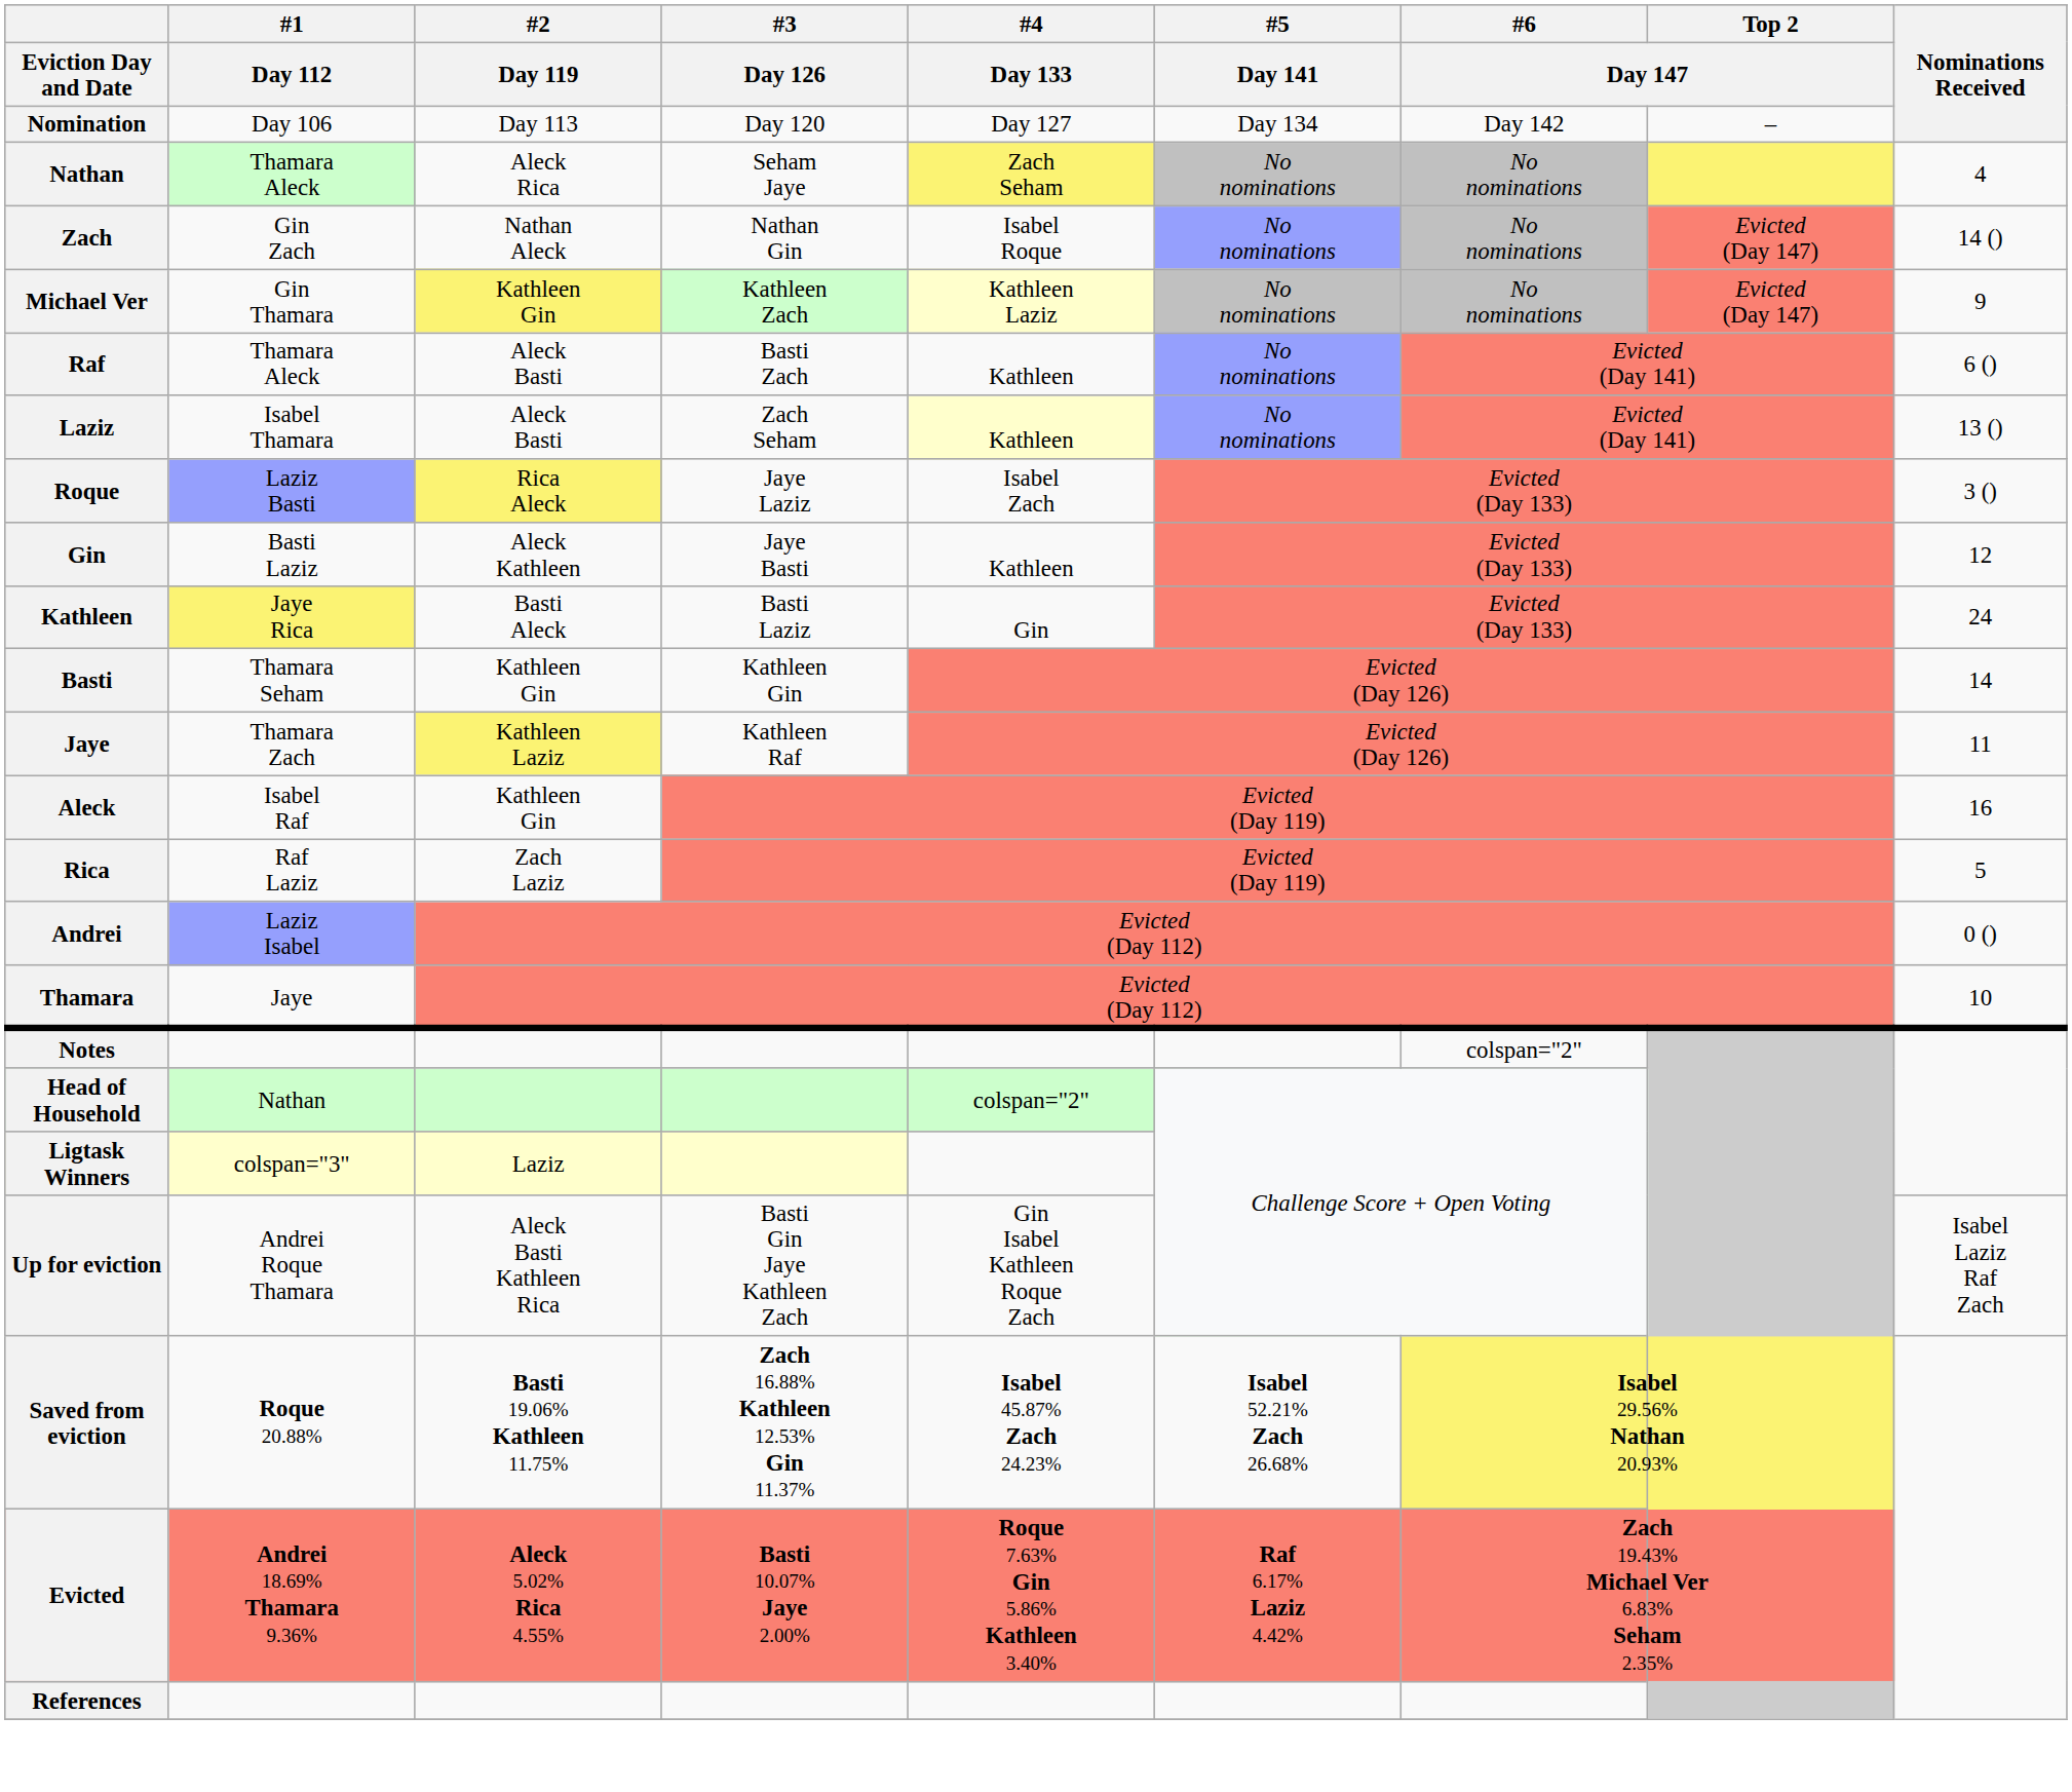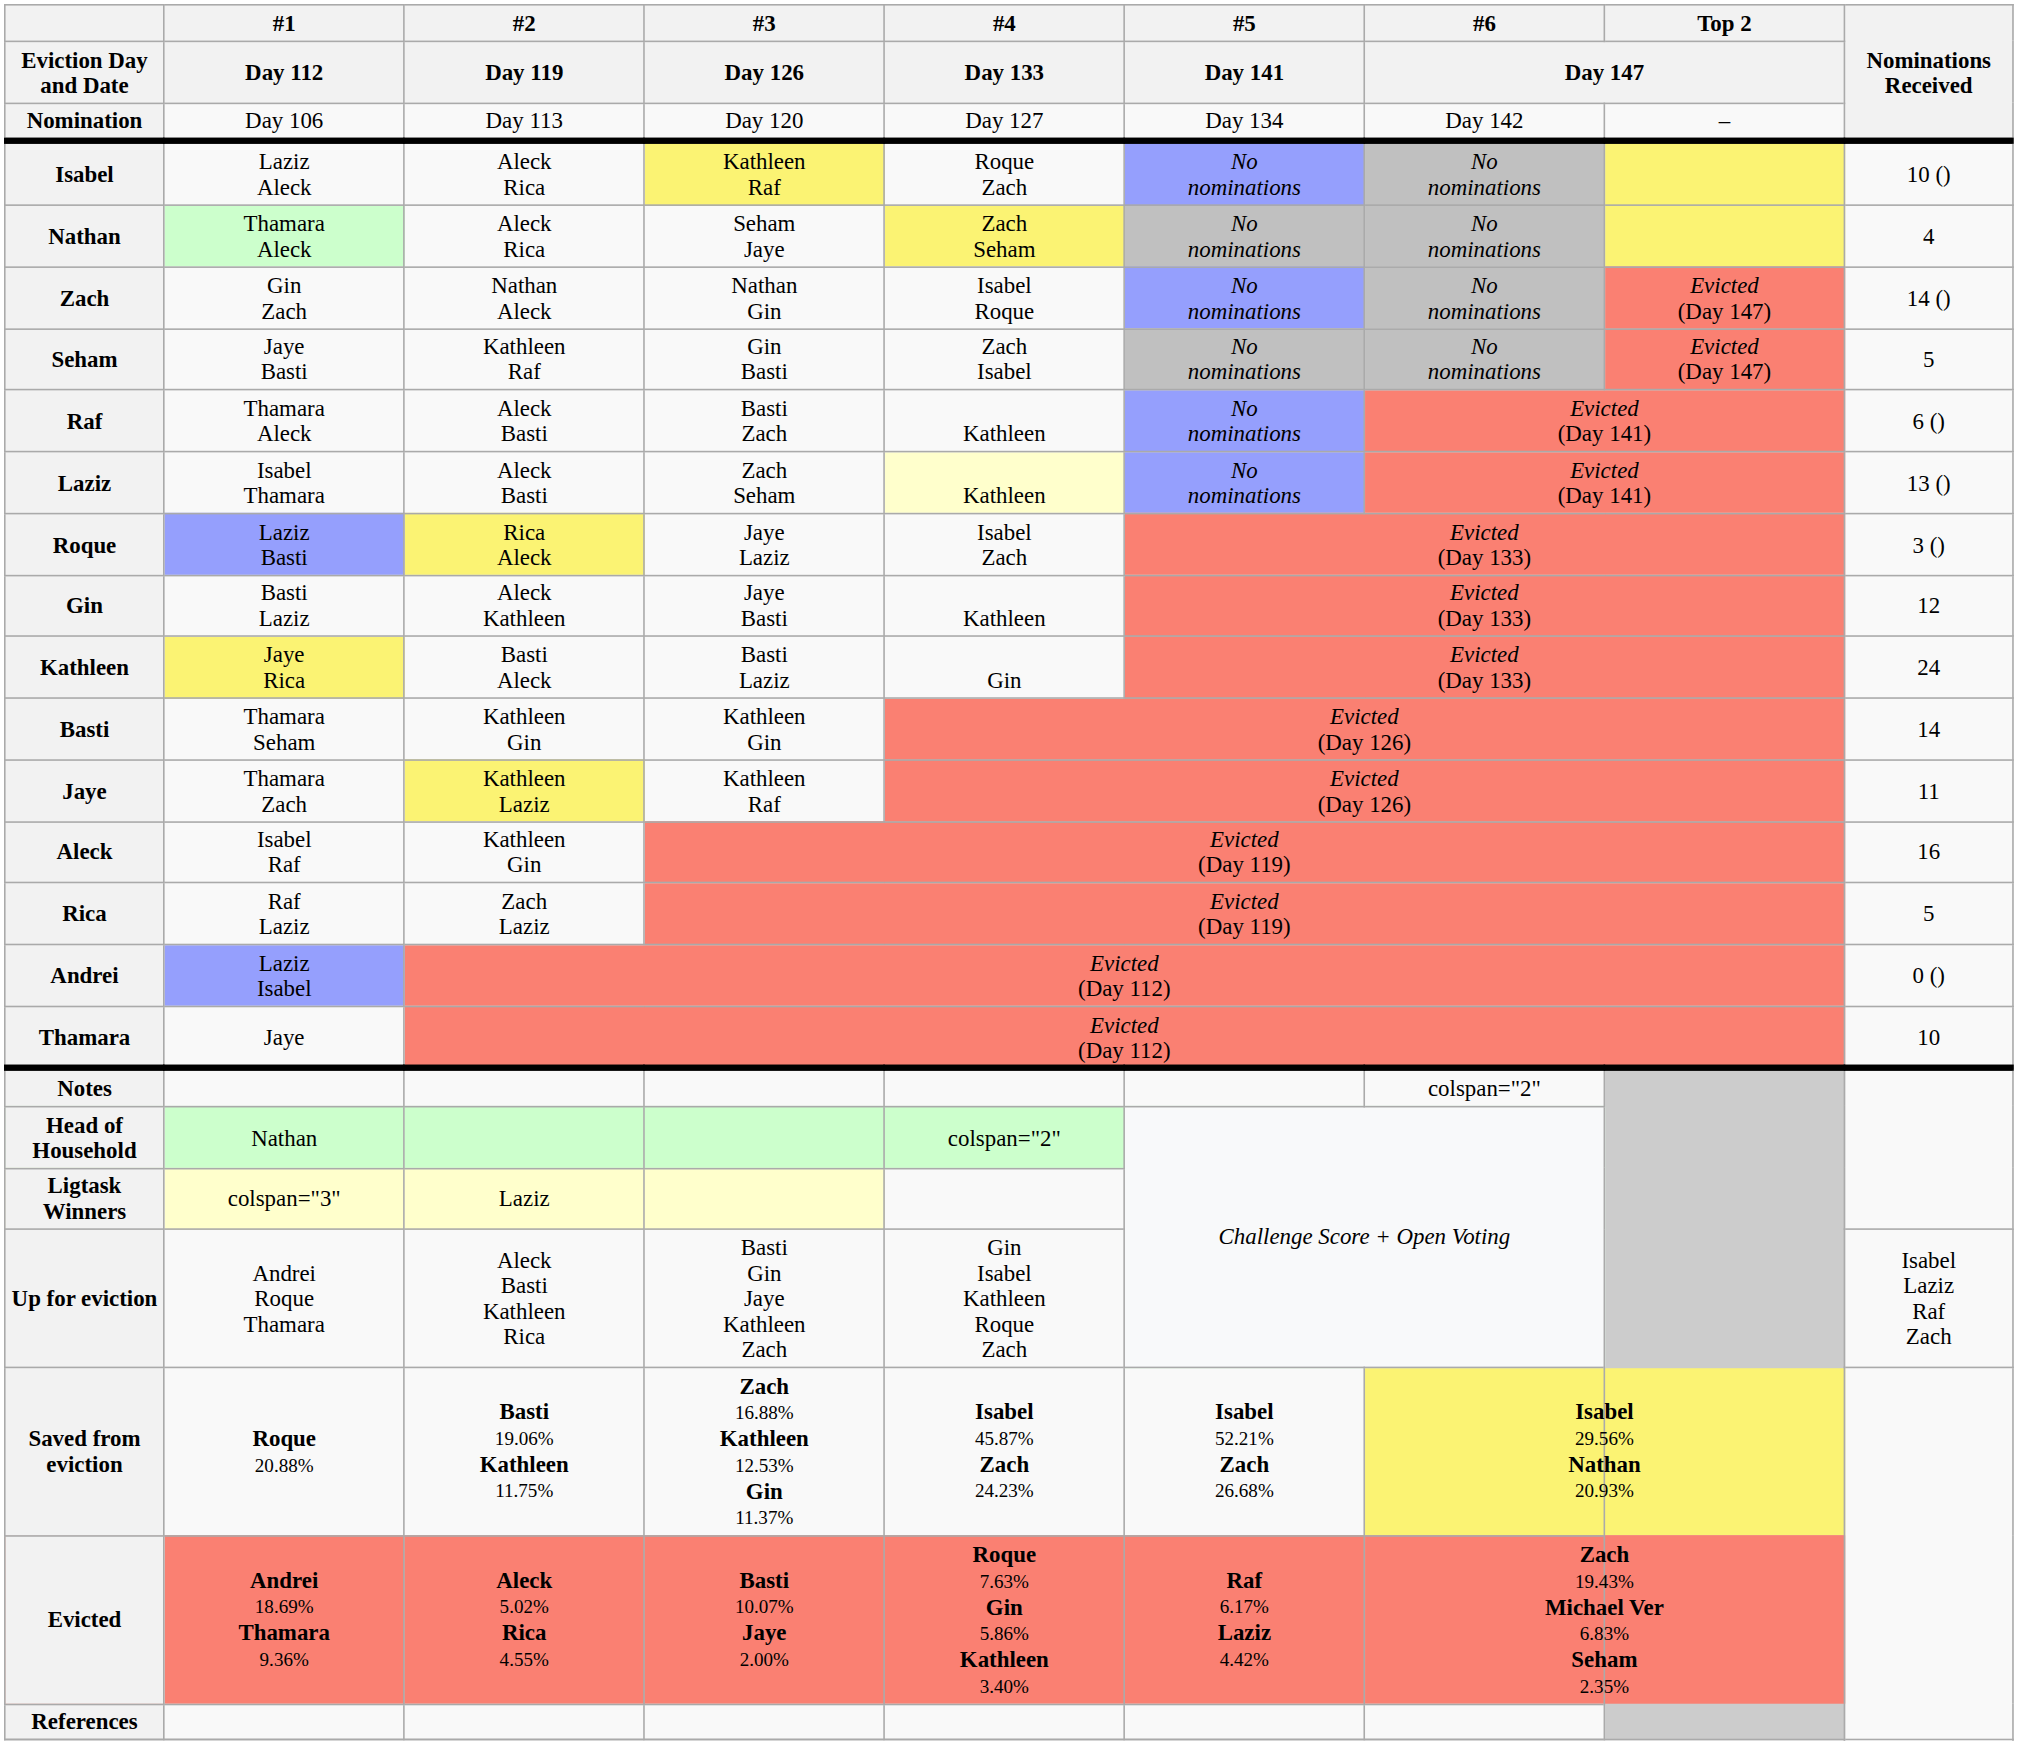 <table class="wikitable" style="width:100%; text-align:center; font-size:90%; line-height:16px;">
 <tr>
 <th width="5%"></th>
 <th width="9%">#1</th>
 <th width="9%">#2</th>
 <th width="9%">#3</th>
 <th width="9%">#4</th>
 <th width="9%">#5</th>
 <th width="9%">#6</th>
 <th width="9%">Top 2</th>
 <th width="5%" rowspan="3">Nominations<br>Received</th>
 </tr>
 <tr>
 <th>Eviction Day<br>and Date</th>
 <th>Day 112<br><small></small></th>
 <th>Day 119<br><small></small></th>
 <th>Day 126<br><small></small></th>
 <th>Day 133<br><small></small></th>
 <th>Day 141<br><small></small></th>
 <th colspan="2">Day 147<br><small></small></th>
 </tr>
 <tr>
 <th>Nomination <br></th>
 <td>Day 106<br><small></small></td>
 <td>Day 113<br><small></small></td>
 <td>Day 120<br><small></small></td>
 <td>Day 127<br><small></small></td>
 <td>Day 134<br><small></small></td>
 <td>Day 142<br><small></small></td>
 <td>–</td>
 </tr>
+<tr style="border-top: 4px solid;">
+<th>Isabel</th>
+<td>Laziz<br>Aleck</td>
+<td>Aleck<br>Rica</td>
+<td style="background:#FBF373;">Kathleen<br>Raf</td>
+<td>Roque<br>Zach</td>
+<td style="background:#959FFD;"><em>No<br>nominations</em></td>
+<td style="background:#C0C0C0;"><em>No<br>nominations</em></td>
+<td style="background:#FBF373;"><strong></strong><br></td>
+<td>10 ()</td>
+</tr>
 <tr>
 <th>Nathan</th>
 <td style="background:#CCFFCC;">Thamara<br>Aleck</td>
 <td>Aleck<br>Rica</td>
 <td>Seham<br>Jaye</td>
 <td style="background:#FBF373;">Zach<br>Seham</td>
 <td style="background:#C0C0C0;"><em>No<br>nominations</em></td>
 <td style="background:#C0C0C0;"><em>No<br>nominations</em></td>
 <td style="background:#FBF373;"><strong></strong><br></td>
 <td>4</td>
 </tr>
 <tr>
 <th>Zach</th>
 <td>Gin<br>Zach</td>
 <td>Nathan<br>Aleck</td>
 <td>Nathan<br>Gin</td>
 <td>Isabel<br>Roque</td>
 <td style="background:#959FFD;"><em>No<br>nominations</em></td>
 <td style="background:#C0C0C0;"><em>No<br>nominations</em></td>
 <td style="background:#FA8072"><em>Evicted</em><br>(Day 147)</td>
 <td>14 ()</td>
 </tr>
 <tr>
-<th>Michael Ver</th>
-<td>Gin<br>Thamara</td>
-<td style="background:#FBF373;">Kathleen<br>Gin</td>
-<td style="background:#CCFFCC;">Kathleen<br>Zach</td>
-<td style="background:#FFFFCC;">Kathleen<br>Laziz</td>
+<th>Seham</th>
+<td>Jaye<br>Basti</td>
+<td>Kathleen<br>Raf</td>
+<td>Gin<br>Basti</td>
+<td>Zach<br>Isabel</td>
 <td style="background:#C0C0C0;"><em>No<br>nominations</em></td>
 <td style="background:#C0C0C0;"><em>No<br>nominations</em></td>
 <td style="background:#FA8072"><em>Evicted</em><br>(Day 147)</td>
-<td>9</td>
+<td>5</td>
 </tr>
 <tr>
 <th>Raf</th>
 <td>Thamara<br>Aleck</td>
 <td>Aleck<br>Basti</td>
 <td>Basti<br>Zach</td>
 <td><br>Kathleen</td>
 <td style="background:#959FFD;"><em>No<br>nominations</em></td>
 <td colspan="2" style="background:#FA8072"><em>Evicted</em><br>(Day 141)</td>
 <td>6 ()</td>
 </tr>
 <tr>
 <th>Laziz</th>
 <td>Isabel<br>Thamara</td>
 <td>Aleck<br>Basti</td>
 <td>Zach<br>Seham</td>
 <td style="background:#FFFFCC;"><br>Kathleen</td>
 <td style="background:#959FFD;"><em>No<br>nominations</em></td>
 <td colspan="2" style="background:#FA8072"><em>Evicted</em><br>(Day 141)</td>
 <td>13 ()</td>
 </tr>
 <tr>
 <th>Roque</th>
 <td style="background:#959FFD;">Laziz<br>Basti</td>
 <td style="background:#FBF373;">Rica<br>Aleck</td>
 <td>Jaye<br>Laziz</td>
 <td>Isabel<br>Zach</td>
 <td colspan="3" style="background:#FA8072"><em>Evicted</em><br>(Day 133)</td>
 <td>3 ()</td>
 </tr>
 <tr>
 <th>Gin</th>
 <td>Basti<br>Laziz</td>
 <td>Aleck<br>Kathleen</td>
 <td>Jaye<br>Basti</td>
 <td><br>Kathleen</td>
 <td colspan="3" style="background:#FA8072"><em>Evicted</em><br>(Day 133)</td>
 <td>12</td>
 </tr>
 <tr>
 <th>Kathleen</th>
 <td style="background:#FBF373;">Jaye<br>Rica</td>
 <td>Basti<br>Aleck</td>
 <td>Basti<br>Laziz</td>
 <td><br>Gin</td>
 <td colspan="3" style="background:#FA8072"><em>Evicted</em><br>(Day 133)</td>
 <td>24</td>
 </tr>
 <tr>
 <th>Basti</th>
 <td>Thamara<br>Seham</td>
 <td>Kathleen<br>Gin</td>
 <td>Kathleen<br>Gin</td>
 <td colspan="4" style="background:#FA8072"><em>Evicted</em><br>(Day 126)</td>
 <td>14</td>
 </tr>
 <tr>
 <th>Jaye</th>
 <td>Thamara<br>Zach</td>
 <td style="background:#FBF373;">Kathleen<br>Laziz</td>
 <td>Kathleen<br>Raf</td>
 <td colspan="4" style="background:#FA8072"><em>Evicted</em><br>(Day 126)</td>
 <td>11</td>
 </tr>
 <tr>
 <th>Aleck</th>
 <td>Isabel<br>Raf</td>
 <td>Kathleen<br>Gin</td>
 <td colspan="5" style="background:#FA8072"><em>Evicted</em><br>(Day 119)</td>
 <td>16</td>
 </tr>
 <tr>
 <th>Rica</th>
 <td>Raf<br>Laziz</td>
 <td>Zach<br>Laziz</td>
 <td colspan="5" style="background:#FA8072"><em>Evicted</em><br>(Day 119)</td>
 <td>5</td>
 </tr>
 <tr>
 <th>Andrei</th>
 <td style="background:#959FFD;">Laziz<br>Isabel</td>
 <td colspan="6" style="background:#FA8072"><em>Evicted</em><br>(Day 112)</td>
 <td>0 ()</td>
 </tr>
 <tr>
 <th>Thamara</th>
 <td>Jaye<br></td>
 <td colspan="6" style="background:#FA8072"><em>Evicted</em><br>(Day 112)</td>
 <td>10</td>
 </tr>
 <tr>
 </tr>
 <tr style="border-top: 4px solid;">
 <th>Notes</th>
 <td>   </td>
 <td>  </td>
 <td>  </td>
 <td>      </td>
 <td>     </td>
 <td>colspan="2" </td>
 <td rowspan="9" style="background:#CCCCCC"></td>
 </tr>
 <tr style="background:#CCFFCC;">
 <th>Head of<br>Household</th>
 <td>Nathan</td>
 <td></td>
 <td></td>
 <td>colspan="2"</td>
 <td colspan="2" rowspan="3" style="background:#F8F9FA"><em>Challenge Score + Open Voting</em></td>
 </tr>
 <tr style="background:#FFFFCC;">
 <th>Ligtask Winners</th>
 <td>colspan="3" </td>
 <td>Laziz<br></td>
 <td></td>
 </tr>
 <tr>
 <th>Up for eviction</th>
 <td>Andrei<br>Roque<br>Thamara</td>
 <td>Aleck<br>Basti<br>Kathleen<br>Rica</td>
 <td>Basti<br>Gin<br>Jaye<br>Kathleen<br>Zach</td>
 <td>Gin<br>Isabel<br>Kathleen<br>Roque<br>Zach</td>
 <td>Isabel<br>Laziz<br>Raf<br>Zach</td>
 </tr>
 <tr>
 <th>Saved from eviction</th>
 <td><strong>Roque</strong><br><small>20.88%</small></td>
 <td><strong>Basti</strong><br><small>19.06%</small><br><strong>Kathleen</strong><br><small>11.75%</small></td>
 <td><strong>Zach</strong><br><small>16.88%</small><br><strong>Kathleen</strong><br><small>12.53%</small><br> <strong>Gin</strong><br><small>11.37%</small></td>
 <td><strong>Isabel</strong><br><small>45.87%</small><br><strong>Zach</strong><br><small>24.23%</small></td>
 <td><strong>Isabel</strong><br><small>52.21%</small><br><strong>Zach</strong><br><small>26.68%</small></td>
 <td colspan="2" style="background:#FBF373;"><strong>Isabel</strong><br><small>29.56%</small><br><strong>Nathan</strong><br><small>20.93%</small></td>
 </tr>
 <tr style="background:#FA8072">
 <th>Evicted</th>
 <td><strong>Andrei</strong><br><small>18.69%</small><br><strong>Thamara</strong><br><small>9.36%</small></td>
 <td><strong>Aleck</strong><br><small>5.02%</small><br><strong>Rica</strong><br><small>4.55%</small></td>
 <td><strong>Basti</strong><br><small>10.07%</small><br><strong>Jaye</strong><br><small>2.00%</small><br></td>
 <td><strong>Roque</strong><br><small>7.63%</small><br><strong>Gin</strong><br><small>5.86%</small><br><strong>Kathleen</strong><br><small>3.40%</small></td>
 <td><strong>Raf</strong><br><small>6.17%</small><br><strong>Laziz</strong><br><small>4.42%</small></td>
 <td colspan="2"><strong>Zach</strong><br><small>19.43%</small><br><strong>Michael Ver</strong><br><small>6.83%</small><br><strong>Seham</strong><br><small>2.35%</small></td>
 </tr>
 <tr>
 <th>References</th>
 <td></td>
 <td></td>
 <td></td>
 <td></td>
 <td></td>
 <td colspan="2"></td>
 </tr>
 <tr>
 </tr>
 </table>
